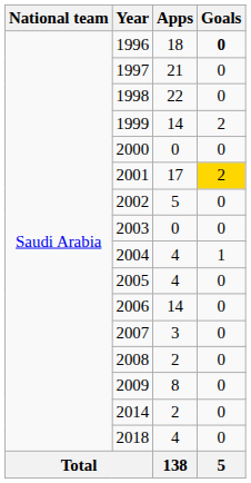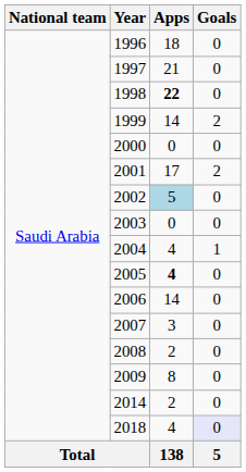 <table class=wikitable style="text-align: center">
 <tr>
 <th>National team</th>
 <th>Year</th>
 <th>Apps</th>
 <th>Goals</th>
 </tr>
 <tr>
 <td rowspan=16><a href='#'>Saudi Arabia</a></td>
 <td>1996</td>
 <td>18</td>
-<td><strong>0</strong></td>
+<td>0</td>
 </tr>
 <tr>
 <td>1997</td>
 <td>21</td>
 <td>0</td>
 </tr>
 <tr>
 <td>1998</td>
-<td>22</td>
+<td><strong>22</strong></td>
 <td>0</td>
 </tr>
 <tr>
 <td>1999</td>
 <td>14</td>
 <td>2</td>
 </tr>
 <tr>
 <td>2000</td>
 <td>0</td>
 <td>0</td>
 </tr>
 <tr>
 <td>2001</td>
 <td>17</td>
-<td style="background: gold;">2</td>
+<td>2</td>
 </tr>
 <tr>
 <td>2002</td>
-<td>5</td>
+<td style="background: lightblue;">5</td>
 <td>0</td>
 </tr>
 <tr>
 <td>2003</td>
 <td>0</td>
 <td>0</td>
 </tr>
 <tr>
 <td>2004</td>
 <td>4</td>
 <td>1</td>
 </tr>
 <tr>
 <td>2005</td>
-<td>4</td>
+<td><strong>4</strong></td>
 <td>0</td>
 </tr>
 <tr>
 <td>2006</td>
 <td>14</td>
 <td>0</td>
 </tr>
 <tr>
 <td>2007</td>
 <td>3</td>
 <td>0</td>
 </tr>
 <tr>
 <td>2008</td>
 <td>2</td>
 <td>0</td>
 </tr>
 <tr>
 <td>2009</td>
 <td>8</td>
 <td>0</td>
 </tr>
 <tr>
 <td>2014</td>
 <td>2</td>
 <td>0</td>
 </tr>
 <tr>
 <td>2018</td>
 <td>4</td>
-<td>0</td>
+<td style="background: lavender;">0</td>
 </tr>
 <tr>
 <th colspan=2>Total</th>
 <th>138</th>
 <th>5</th>
 </tr>
 </table>
